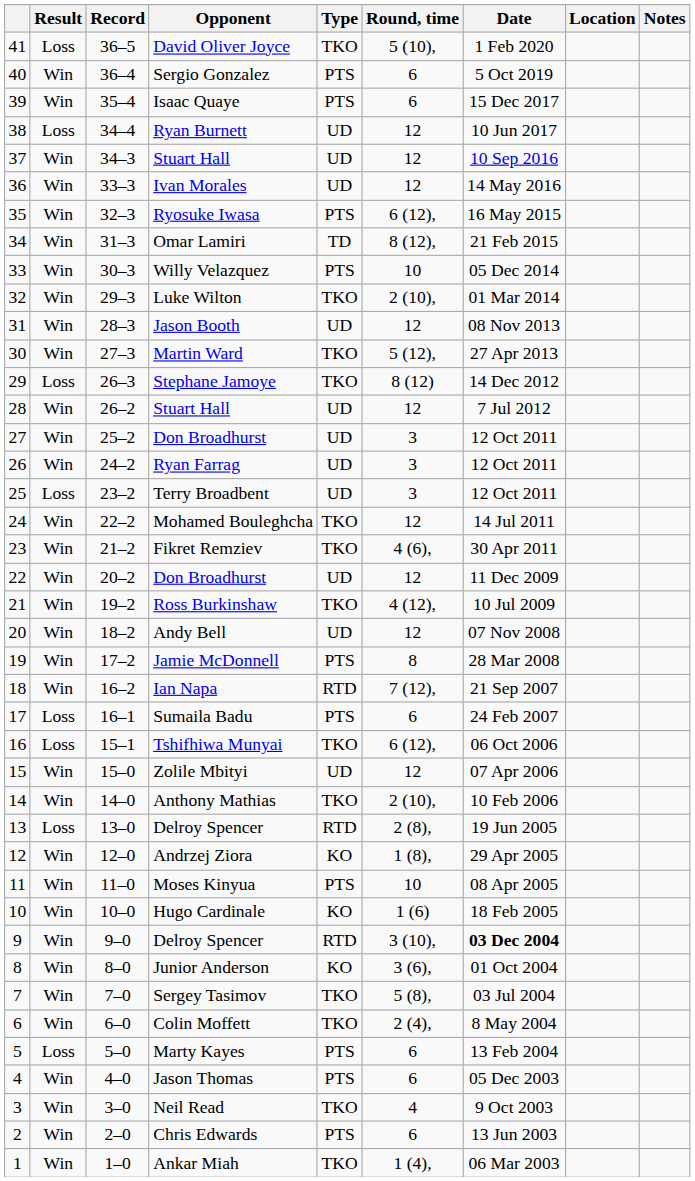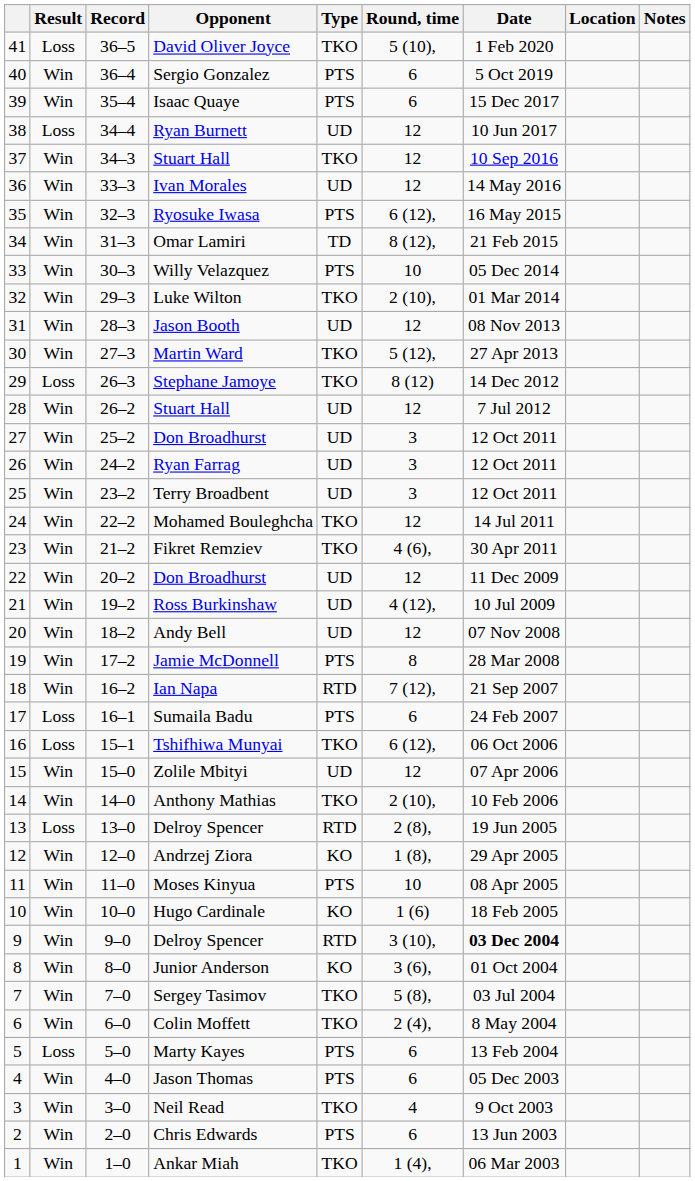 <table class="wikitable" style="text-align:center">
 <tr>
 <th></th>
 <th>Result</th>
 <th>Record</th>
 <th>Opponent</th>
 <th>Type</th>
 <th>Round, time</th>
 <th>Date</th>
 <th>Location</th>
 <th>Notes</th>
 </tr>
 <tr>
 <td>41</td>
 <td>Loss</td>
 <td>36–5</td>
 <td align=left><a href='#'>David Oliver Joyce</a></td>
 <td>TKO</td>
 <td>5 (10), </td>
 <td>1 Feb 2020</td>
 <td align=left></td>
 <td align=left></td>
 </tr>
 <tr>
 <td>40</td>
 <td>Win</td>
 <td>36–4</td>
 <td align=left>Sergio Gonzalez</td>
 <td>PTS</td>
 <td>6</td>
 <td>5 Oct 2019</td>
 <td align=left></td>
 <td></td>
 </tr>
 <tr>
 <td>39</td>
 <td>Win</td>
 <td>35–4</td>
 <td style="text-align:left;">Isaac Quaye</td>
 <td>PTS</td>
 <td>6</td>
 <td>15 Dec 2017</td>
 <td style="text-align:left;"></td>
 <td></td>
 </tr>
 <tr>
 <td>38</td>
 <td>Loss</td>
 <td>34–4</td>
 <td style="text-align:left;"><a href='#'>Ryan Burnett</a></td>
 <td>UD</td>
 <td>12</td>
 <td>10 Jun 2017</td>
 <td style="text-align:left;"></td>
 <td style="text-align:left;"></td>
 </tr>
 <tr>
 <td>37</td>
 <td>Win</td>
 <td>34–3</td>
 <td style="text-align:left;"><a href='#'>Stuart Hall</a></td>
-<td>UD</td>
+<td>TKO</td>
 <td>12</td>
 <td><a href='#'>10 Sep 2016</a></td>
 <td style="text-align:left;"></td>
 <td style="text-align:left;"></td>
 </tr>
 <tr>
 <td>36</td>
 <td>Win</td>
 <td>33–3</td>
 <td style="text-align:left;"><a href='#'>Ivan Morales</a></td>
 <td>UD</td>
 <td>12</td>
 <td>14 May 2016</td>
 <td style="text-align:left;"></td>
 <td style="text-align:left;"></td>
 </tr>
 <tr>
 <td>35</td>
 <td>Win</td>
 <td>32–3</td>
 <td style="text-align:left;"><a href='#'>Ryosuke Iwasa</a></td>
 <td>PTS</td>
 <td>6 (12), </td>
 <td>16 May 2015</td>
 <td style="text-align:left;"></td>
 <td style="text-align:left;"></td>
 </tr>
 <tr>
 <td>34</td>
 <td>Win</td>
 <td>31–3</td>
 <td style="text-align:left;">Omar Lamiri</td>
 <td>TD</td>
 <td>8 (12), </td>
 <td>21 Feb 2015</td>
 <td style="text-align:left;"></td>
 <td style="text-align:left;"></td>
 </tr>
 <tr>
 <td>33</td>
 <td>Win</td>
 <td>30–3</td>
 <td style="text-align:left;">Willy Velazquez</td>
 <td>PTS</td>
 <td>10</td>
 <td>05 Dec 2014</td>
 <td style="text-align:left;"></td>
 <td></td>
 </tr>
 <tr>
 <td>32</td>
 <td>Win</td>
 <td>29–3</td>
 <td style="text-align:left;">Luke Wilton</td>
 <td>TKO</td>
 <td>2 (10), </td>
 <td>01 Mar 2014</td>
 <td style="text-align:left;"></td>
 <td></td>
 </tr>
 <tr>
 <td>31</td>
 <td>Win</td>
 <td>28–3</td>
 <td style="text-align:left;"><a href='#'>Jason Booth</a></td>
 <td>UD</td>
 <td>12</td>
 <td>08 Nov 2013</td>
 <td style="text-align:left;"></td>
 <td style="text-align:left;"></td>
 </tr>
 <tr>
 <td>30</td>
 <td>Win</td>
 <td>27–3</td>
 <td style="text-align:left;"><a href='#'>Martin Ward</a></td>
 <td>TKO</td>
 <td>5 (12), </td>
 <td>27 Apr 2013</td>
 <td style="text-align:left;"></td>
 <td style="text-align:left;"></td>
 </tr>
 <tr>
 <td>29</td>
 <td>Loss</td>
 <td>26–3</td>
 <td style="text-align:left;"><a href='#'>Stephane Jamoye</a></td>
 <td>TKO</td>
 <td>8 (12)</td>
 <td>14 Dec 2012</td>
 <td style="text-align:left;"></td>
 <td style="text-align:left;"></td>
 </tr>
 <tr>
 <td>28</td>
 <td>Win</td>
 <td>26–2</td>
 <td style="text-align:left;"><a href='#'>Stuart Hall</a></td>
 <td>UD</td>
 <td>12</td>
 <td>7 Jul 2012</td>
 <td style="text-align:left;"></td>
 <td style="text-align:left;"></td>
 </tr>
 <tr>
 <td>27</td>
 <td>Win</td>
 <td>25–2</td>
 <td style="text-align:left;"><a href='#'>Don Broadhurst</a></td>
 <td>UD</td>
 <td>3</td>
 <td>12 Oct 2011</td>
 <td style="text-align:left;"></td>
 <td style="text-align:left;"></td>
 </tr>
 <tr>
 <td>26</td>
 <td>Win</td>
 <td>24–2</td>
 <td style="text-align:left;"><a href='#'>Ryan Farrag</a></td>
 <td>UD</td>
 <td>3</td>
 <td>12 Oct 2011</td>
 <td style="text-align:left;"></td>
 <td style="text-align:left;"></td>
 </tr>
 <tr>
 <td>25</td>
-<td>Loss</td>
+<td>Win</td>
 <td>23–2</td>
 <td style="text-align:left;">Terry Broadbent</td>
 <td>UD</td>
 <td>3</td>
 <td>12 Oct 2011</td>
 <td style="text-align:left;"></td>
 <td style="text-align:left;"></td>
 </tr>
 <tr>
 <td>24</td>
 <td>Win</td>
 <td>22–2</td>
 <td style="text-align:left;">Mohamed Bouleghcha</td>
 <td>TKO</td>
 <td>12</td>
 <td>14 Jul 2011</td>
 <td style="text-align:left;"></td>
 <td></td>
 </tr>
 <tr>
 <td>23</td>
 <td>Win</td>
 <td>21–2</td>
 <td style="text-align:left;">Fikret Remziev</td>
 <td>TKO</td>
 <td>4 (6), </td>
 <td>30 Apr 2011</td>
 <td style="text-align:left;"></td>
 <td></td>
 </tr>
 <tr>
 <td>22</td>
 <td>Win</td>
 <td>20–2</td>
 <td style="text-align:left;"><a href='#'>Don Broadhurst</a></td>
 <td>UD</td>
 <td>12</td>
 <td>11 Dec 2009</td>
 <td style="text-align:left;"></td>
 <td></td>
 </tr>
 <tr>
 <td>21</td>
 <td>Win</td>
 <td>19–2</td>
 <td style="text-align:left;"><a href='#'>Ross Burkinshaw</a></td>
-<td>TKO</td>
+<td>UD</td>
 <td>4 (12), </td>
 <td>10 Jul 2009</td>
 <td style="text-align:left;"></td>
 <td></td>
 </tr>
 <tr>
 <td>20</td>
 <td>Win</td>
 <td>18–2</td>
 <td style="text-align:left;">Andy Bell</td>
 <td>UD</td>
 <td>12</td>
 <td>07 Nov 2008</td>
 <td style="text-align:left;"></td>
 <td></td>
 </tr>
 <tr>
 <td>19</td>
 <td>Win</td>
 <td>17–2</td>
 <td style="text-align:left;"><a href='#'>Jamie McDonnell</a></td>
 <td>PTS</td>
 <td>8</td>
 <td>28 Mar 2008</td>
 <td style="text-align:left;"></td>
 <td></td>
 </tr>
 <tr>
 <td>18</td>
 <td>Win</td>
 <td>16–2</td>
 <td style="text-align:left;"><a href='#'>Ian Napa</a></td>
 <td>RTD</td>
 <td>7 (12), </td>
 <td>21 Sep 2007</td>
 <td style="text-align:left;"></td>
 <td></td>
 </tr>
 <tr>
 <td>17</td>
 <td>Loss</td>
 <td>16–1</td>
 <td style="text-align:left;">Sumaila Badu</td>
 <td>PTS</td>
 <td>6</td>
 <td>24 Feb 2007</td>
 <td style="text-align:left;"></td>
 <td></td>
 </tr>
 <tr>
 <td>16</td>
 <td>Loss</td>
 <td>15–1</td>
 <td style="text-align:left;"><a href='#'>Tshifhiwa Munyai</a></td>
 <td>TKO</td>
 <td>6 (12), </td>
 <td>06 Oct 2006</td>
 <td style="text-align:left;"></td>
 <td></td>
 </tr>
 <tr>
 <td>15</td>
 <td>Win</td>
 <td>15–0</td>
 <td style="text-align:left;">Zolile Mbityi</td>
 <td>UD</td>
 <td>12</td>
 <td>07 Apr 2006</td>
 <td style="text-align:left;"></td>
 <td style="text-align:left;"></td>
 </tr>
 <tr>
 <td>14</td>
 <td>Win</td>
 <td>14–0</td>
 <td style="text-align:left;">Anthony Mathias</td>
 <td>TKO</td>
 <td>2 (10), </td>
 <td>10 Feb 2006</td>
 <td style="text-align:left;"></td>
 <td style="text-align:left;"></td>
 </tr>
 <tr>
 <td>13</td>
 <td>Loss</td>
 <td>13–0</td>
 <td style="text-align:left;">Delroy Spencer</td>
 <td>RTD</td>
 <td>2 (8), </td>
 <td>19 Jun 2005</td>
 <td style="text-align:left;"></td>
 <td></td>
 </tr>
 <tr>
 <td>12</td>
 <td>Win</td>
 <td>12–0</td>
 <td style="text-align:left;">Andrzej Ziora</td>
 <td>KO</td>
 <td>1 (8), </td>
 <td>29 Apr 2005</td>
 <td style="text-align:left;"></td>
 <td></td>
 </tr>
 <tr>
 <td>11</td>
 <td>Win</td>
 <td>11–0</td>
 <td style="text-align:left;">Moses Kinyua</td>
 <td>PTS</td>
 <td>10</td>
 <td>08 Apr 2005</td>
 <td style="text-align:left;"></td>
 <td></td>
 </tr>
 <tr>
 <td>10</td>
 <td>Win</td>
 <td>10–0</td>
 <td style="text-align:left;">Hugo Cardinale</td>
 <td>KO</td>
 <td>1 (6)</td>
 <td>18 Feb 2005</td>
 <td style="text-align:left;"></td>
 <td></td>
 </tr>
 <tr>
 <td>9</td>
 <td>Win</td>
 <td>9–0</td>
 <td style="text-align:left;">Delroy Spencer</td>
 <td>RTD</td>
 <td>3 (10), </td>
 <td><strong>03 Dec 2004</strong></td>
 <td style="text-align:left;"></td>
 <td style="text-align:left;"></td>
 </tr>
 <tr>
 <td>8</td>
 <td>Win</td>
 <td>8–0</td>
 <td style="text-align:left;">Junior Anderson</td>
 <td>KO</td>
 <td>3 (6), </td>
 <td>01 Oct 2004</td>
 <td style="text-align:left;"></td>
 <td></td>
 </tr>
 <tr>
 <td>7</td>
 <td>Win</td>
 <td>7–0</td>
 <td style="text-align:left;">Sergey Tasimov</td>
 <td>TKO</td>
 <td>5 (8), </td>
 <td>03 Jul 2004</td>
 <td style="text-align:left;"></td>
 <td></td>
 </tr>
 <tr>
 <td>6</td>
 <td>Win</td>
 <td>6–0</td>
 <td style="text-align:left;">Colin Moffett</td>
 <td>TKO</td>
 <td>2 (4), </td>
 <td>8 May 2004</td>
 <td style="text-align:left;"></td>
 <td></td>
 </tr>
 <tr>
 <td>5</td>
 <td>Loss</td>
 <td>5–0</td>
 <td style="text-align:left;">Marty Kayes</td>
 <td>PTS</td>
 <td>6</td>
 <td>13 Feb 2004</td>
 <td style="text-align:left;"></td>
 <td></td>
 </tr>
 <tr>
 <td>4</td>
 <td>Win</td>
 <td>4–0</td>
 <td style="text-align:left;">Jason Thomas</td>
 <td>PTS</td>
 <td>6</td>
 <td>05 Dec 2003</td>
 <td style="text-align:left;"></td>
 <td></td>
 </tr>
 <tr>
 <td>3</td>
 <td>Win</td>
 <td>3–0</td>
 <td style="text-align:left;">Neil Read</td>
 <td>TKO</td>
 <td>4</td>
 <td>9 Oct 2003</td>
 <td style="text-align:left;"></td>
 <td></td>
 </tr>
 <tr>
 <td>2</td>
 <td>Win</td>
 <td>2–0</td>
 <td style="text-align:left;">Chris Edwards</td>
 <td>PTS</td>
 <td>6</td>
 <td>13 Jun 2003</td>
 <td style="text-align:left;"></td>
 <td></td>
 </tr>
 <tr>
 <td>1</td>
 <td>Win</td>
 <td>1–0</td>
 <td style="text-align:left;">Ankar Miah</td>
 <td>TKO</td>
 <td>1 (4), </td>
 <td>06 Mar 2003</td>
 <td style="text-align:left;"></td>
 <td></td>
 </tr>
 </table>
